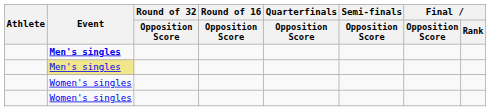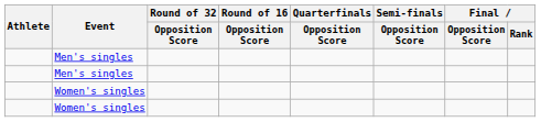 <table class="wikitable" style="font-size:90%">
 <tr>
 <th rowspan=2>Athlete</th>
 <th rowspan=2>Event</th>
 <th>Round of 32</th>
 <th>Round of 16</th>
 <th>Quarterfinals</th>
 <th>Semi-finals</th>
 <th colspan=2>Final / </th>
 </tr>
 <tr style="font-size:95%">
 <th>Opposition<br>Score</th>
 <th>Opposition<br>Score</th>
 <th>Opposition<br>Score</th>
 <th>Opposition<br>Score</th>
 <th>Opposition<br>Score</th>
 <th>Rank</th>
 </tr>
 <tr align=center>
 <td align=left></td>
-<td align=left><strong><a href='#'>Men's singles</a></strong></td>
+<td align=left><a href='#'>Men's singles</a></td>
 <td></td>
 <td></td>
 <td></td>
 <td></td>
 <td></td>
 <td></td>
 </tr>
 <tr align=center>
 <td align=left></td>
-<td align=left style="background: khaki;"><a href='#'>Men's singles</a></td>
+<td align=left><a href='#'>Men's singles</a></td>
 <td></td>
 <td></td>
 <td></td>
 <td></td>
 <td></td>
 <td></td>
 </tr>
 <tr align=center>
 <td align=left></td>
 <td align=left><a href='#'>Women's singles</a></td>
 <td></td>
 <td></td>
 <td></td>
 <td></td>
 <td></td>
 <td></td>
 </tr>
 <tr align=center>
 <td align=left></td>
 <td align=left><a href='#'>Women's singles</a></td>
 <td></td>
 <td></td>
 <td></td>
 <td></td>
 <td></td>
 <td></td>
 </tr>
 </table>
